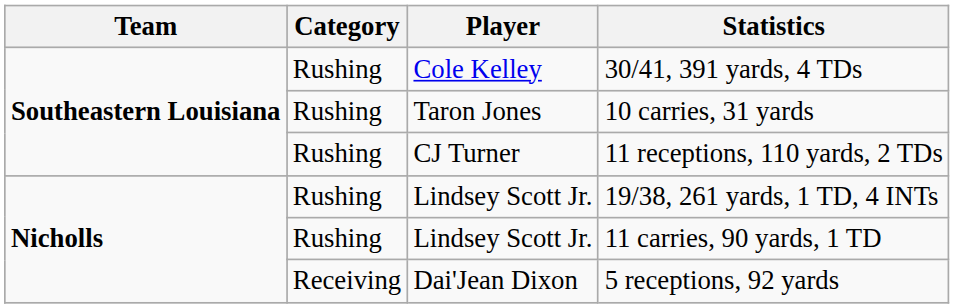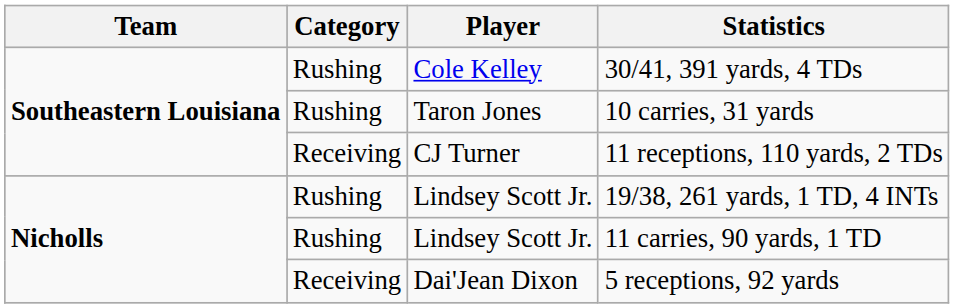 <table class="wikitable" style="float: left;">
 <tr>
 <th>Team</th>
 <th>Category</th>
 <th>Player</th>
 <th>Statistics</th>
 </tr>
 <tr>
 <td rowspan=3><strong>Southeastern Louisiana</strong></td>
 <td>Rushing</td>
 <td><a href='#'>Cole Kelley</a></td>
 <td>30/41, 391 yards, 4 TDs</td>
 </tr>
 <tr>
 <td>Rushing</td>
 <td>Taron Jones</td>
 <td>10 carries, 31 yards</td>
 </tr>
 <tr>
-<td>Rushing</td>
+<td>Receiving</td>
 <td>CJ Turner</td>
 <td>11 receptions, 110 yards, 2 TDs</td>
 </tr>
 <tr>
 <td rowspan=3><strong>Nicholls</strong></td>
 <td>Rushing</td>
 <td>Lindsey Scott Jr.</td>
 <td>19/38, 261 yards, 1 TD, 4 INTs</td>
 </tr>
 <tr>
 <td>Rushing</td>
 <td>Lindsey Scott Jr.</td>
 <td>11 carries, 90 yards, 1 TD</td>
 </tr>
 <tr>
 <td>Receiving</td>
 <td>Dai'Jean Dixon</td>
 <td>5 receptions, 92 yards</td>
 </tr>
 </table>
